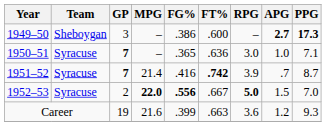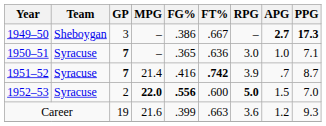 <table class="wikitable sortable" style="font-size:95%; text-align:right;">
 <tr>
 <th>Year</th>
 <th>Team</th>
 <th>GP</th>
 <th>MPG</th>
 <th>FG%</th>
 <th>FT%</th>
 <th>RPG</th>
 <th>APG</th>
 <th>PPG</th>
 </tr>
 <tr>
 <td style="text-align:left;"><a href='#'>1949–50</a></td>
 <td style="text-align:left;"><a href='#'>Sheboygan</a></td>
 <td>3</td>
 <td>–</td>
 <td>.386</td>
-<td>.600</td>
+<td>.667</td>
 <td>–</td>
 <td><strong>2.7</strong></td>
 <td><strong>17.3</strong></td>
 </tr>
 <tr>
 <td style="text-align:left;"><a href='#'>1950–51</a></td>
 <td style="text-align:left;"><a href='#'>Syracuse</a></td>
 <td><strong>7</strong></td>
 <td>–</td>
 <td>.365</td>
 <td>.636</td>
 <td>3.0</td>
 <td>1.0</td>
 <td>7.1</td>
 </tr>
 <tr>
 <td style="text-align:left;"><a href='#'>1951–52</a></td>
 <td style="text-align:left;"><a href='#'>Syracuse</a></td>
 <td><strong>7</strong></td>
 <td>21.4</td>
 <td>.416</td>
 <td><strong>.742</strong></td>
 <td>3.9</td>
 <td>.7</td>
 <td>8.7</td>
 </tr>
 <tr>
 <td style="text-align:left;"><a href='#'>1952–53</a></td>
 <td style="text-align:left;"><a href='#'>Syracuse</a></td>
 <td>2</td>
 <td><strong>22.0</strong></td>
 <td><strong>.556</strong></td>
-<td>.667</td>
+<td>.600</td>
 <td><strong>5.0</strong></td>
 <td>1.5</td>
 <td>7.0</td>
 </tr>
 <tr>
 <td style="text-align:center;" colspan="2">Career</td>
 <td>19</td>
 <td>21.6</td>
 <td>.399</td>
 <td>.663</td>
 <td>3.6</td>
 <td>1.2</td>
 <td>9.3</td>
 </tr>
 <tr>
 </tr>
 </table>
